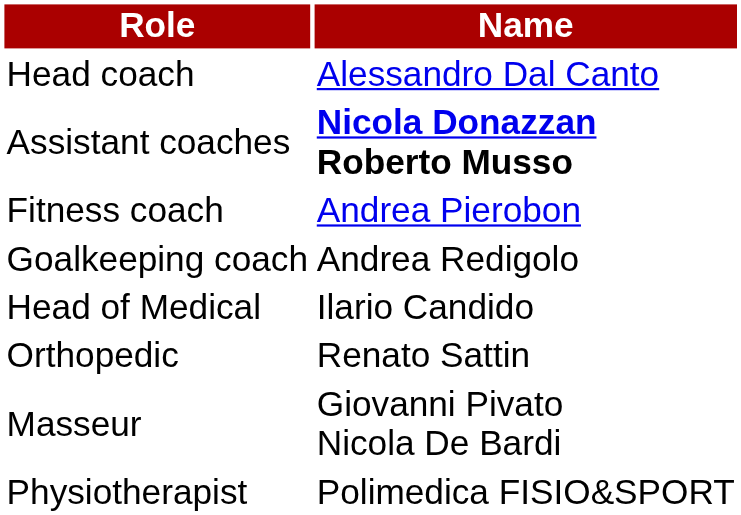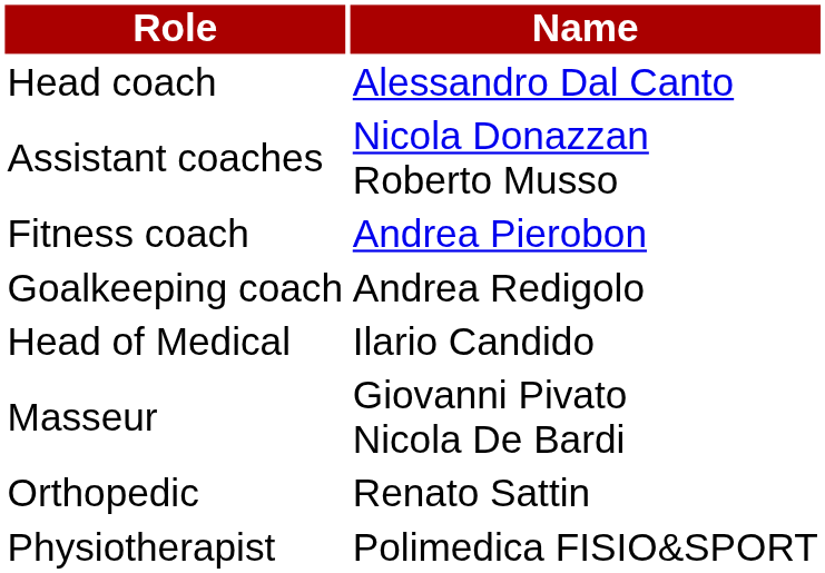 <table class="toccolours">
 <tr>
 <th style="background:#AA0000;color:white;">Role</th>
 <th style="background:#AA0000;color:white;">Name</th>
 </tr>
 <tr>
 <td>Head coach</td>
 <td> <a href='#'>Alessandro Dal Canto</a></td>
 </tr>
 <tr>
 <td>Assistant coaches</td>
-<td><strong> <a href='#'>Nicola Donazzan</a> <br>  Roberto Musso</strong></td>
+<td> <a href='#'>Nicola Donazzan</a> <br>  Roberto Musso</td>
 </tr>
 <tr>
 <td>Fitness coach</td>
 <td> <a href='#'>Andrea Pierobon</a></td>
 </tr>
 <tr>
 <td>Goalkeeping coach</td>
 <td> Andrea Redigolo</td>
 </tr>
 <tr>
 <td>Head of Medical</td>
 <td> Ilario Candido</td>
 </tr>
 <tr>
+<td>Masseur</td>
+<td> Giovanni Pivato <br>  Nicola De Bardi</td>
+</tr>
+<tr>
 <td>Orthopedic</td>
 <td> Renato Sattin</td>
-</tr>
-<tr>
-<td>Masseur</td>
-<td> Giovanni Pivato <br>  Nicola De Bardi</td>
 </tr>
 <tr>
 <td>Physiotherapist</td>
 <td> Polimedica FISIO&SPORT</td>
 </tr>
 </table>
